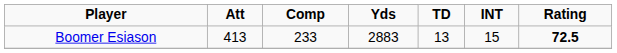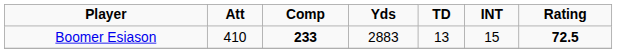 <table class="wikitable" width="80%">
 <tr align="center">
 <td><strong>Player</strong></td>
 <td><strong>Att</strong></td>
 <td><strong>Comp</strong></td>
 <td><strong>Yds</strong></td>
 <td><strong>TD</strong></td>
 <td><strong>INT</strong></td>
 <td><strong>Rating</strong></td>
 </tr>
 <tr align="center" bgcolor="">
 <td><a href='#'>Boomer Esiason</a></td>
-<td>413</td>
-<td>233</td>
+<td>410</td>
+<td><strong>233</strong></td>
 <td>2883</td>
 <td>13</td>
 <td>15</td>
 <td><strong>72.5</strong></td>
 </tr>
 <tr align="center" bgcolor="">
 </tr>
 </table>
